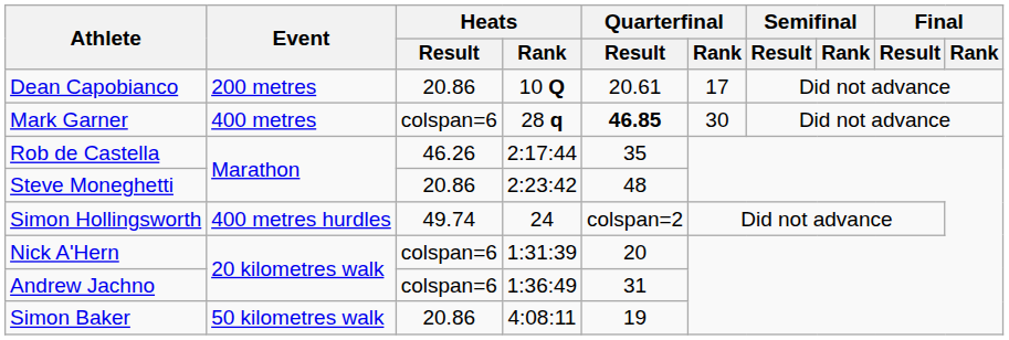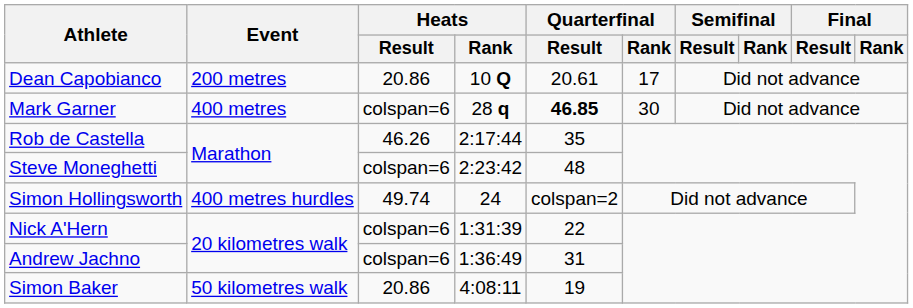 <table class="wikitable" style="font-size:90%">
 <tr>
 <th rowspan="2">Athlete</th>
 <th rowspan="2">Event</th>
 <th colspan="2">Heats</th>
 <th colspan="2">Quarterfinal</th>
 <th colspan="2">Semifinal</th>
 <th colspan="2">Final</th>
 </tr>
 <tr style="font-size:95%">
 <th>Result</th>
 <th>Rank</th>
 <th>Result</th>
 <th>Rank</th>
 <th>Result</th>
 <th>Rank</th>
 <th>Result</th>
 <th>Rank</th>
 </tr>
 <tr align=center>
 <td align=left><a href='#'>Dean Capobianco</a></td>
 <td align=left><a href='#'>200 metres</a></td>
 <td>20.86</td>
 <td>10 <strong>Q</strong></td>
 <td>20.61</td>
 <td>17</td>
 <td colspan=4>Did not advance</td>
 </tr>
 <tr align=center>
 <td align=left><a href='#'>Mark Garner</a></td>
 <td align=left><a href='#'>400 metres</a></td>
 <td>colspan=6</td>
 <td>28 <strong>q</strong></td>
 <td><strong>46.85</strong></td>
 <td>30</td>
 <td colspan=4>Did not advance</td>
 </tr>
 <tr align=center>
 <td align=left><a href='#'>Rob de Castella</a></td>
 <td align=left rowspan=2><a href='#'>Marathon</a></td>
 <td>46.26</td>
 <td>2:17:44</td>
 <td>35</td>
 </tr>
 <tr align=center>
 <td align=left><a href='#'>Steve Moneghetti</a></td>
-<td>20.86</td>
+<td>colspan=6</td>
 <td>2:23:42</td>
 <td>48</td>
 </tr>
 <tr align=center>
 <td align=left><a href='#'>Simon Hollingsworth</a></td>
 <td align=left><a href='#'>400 metres hurdles</a></td>
 <td>49.74</td>
 <td>24</td>
 <td>colspan=2</td>
 <td colspan=4>Did not advance</td>
 </tr>
 <tr align=center>
 <td align=left><a href='#'>Nick A'Hern</a></td>
 <td align=left rowspan=2><a href='#'>20 kilometres walk</a></td>
 <td>colspan=6</td>
 <td>1:31:39</td>
-<td>20</td>
+<td>22</td>
 </tr>
 <tr align=center>
 <td align=left><a href='#'>Andrew Jachno</a></td>
 <td>colspan=6</td>
 <td>1:36:49</td>
 <td>31</td>
 </tr>
 <tr align=center>
 <td align=left><a href='#'>Simon Baker</a></td>
 <td align=left><a href='#'>50 kilometres walk</a></td>
 <td>20.86</td>
 <td>4:08:11</td>
 <td>19</td>
 </tr>
 </table>
